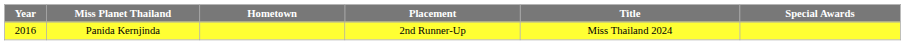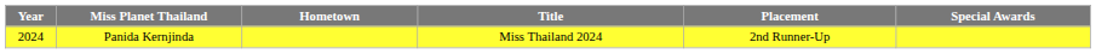 <table class="wikitable sortable" style="font-size: 90%; text-align:center">
 <tr>
 <th width="50" style="background-color:#787878;color:#FFFFFF;">Year</th>
 <th width="200" style="background-color:#787878;color:#FFFFFF;">Miss Planet Thailand</th>
 <th width="190" style="background-color:#787878;color:#FFFFFF;">Hometown</th>
+<th width="290" style="background-color:#787878;color:#FFFFFF;">Title</th>
 <th width="230" style="background-color:#787878;color:#FFFFFF;">Placement</th>
-<th width="290" style="background-color:#787878;color:#FFFFFF;">Title</th>
 <th width="210" style="background-color:#787878;color:#FFFFFF;">Special Awards</th>
 </tr>
 <tr style="background-color:#FFFF33;: bold">
-<td>2016</td>
+<td>2024</td>
 <td>Panida Kernjinda</td>
 <td align=left></td>
+<td>Miss Thailand 2024</td>
 <td>2nd Runner-Up</td>
-<td>Miss Thailand 2024</td>
 <td style="background:;"></td>
 </tr>
 </table>
